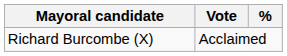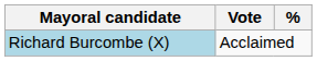 <table class="wikitable">
 <tr>
 <th bgcolor="#DDDDFF" width="200px">Mayoral candidate</th>
 <th bgcolor="#DDDDFF" width="50px">Vote</th>
 <th bgcolor="#DDDDFF" width="30px">%</th>
 </tr>
 <tr>
-<td>Richard Burcombe (X)</td>
+<td style="background: lightblue;">Richard Burcombe (X)</td>
 <td colspan="2">Acclaimed</td>
 </tr>
 </table>
